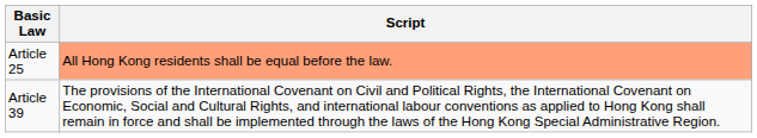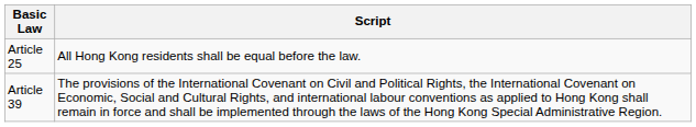 <table class="wikitable">
 <tr>
 <th>Basic Law</th>
 <th>Script</th>
 </tr>
 <tr>
 <td>Article 25</td>
-<td style="background: lightsalmon;">All Hong Kong residents shall be equal before the law.</td>
+<td>All Hong Kong residents shall be equal before the law.</td>
 </tr>
 <tr>
 <td>Article 39</td>
 <td>The provisions of the International Covenant on Civil and Political Rights, the International Covenant on Economic, Social and Cultural Rights, and international labour conventions as applied to Hong Kong shall remain in force and shall be implemented through the laws of the Hong Kong Special Administrative Region.</td>
 </tr>
 </table>
